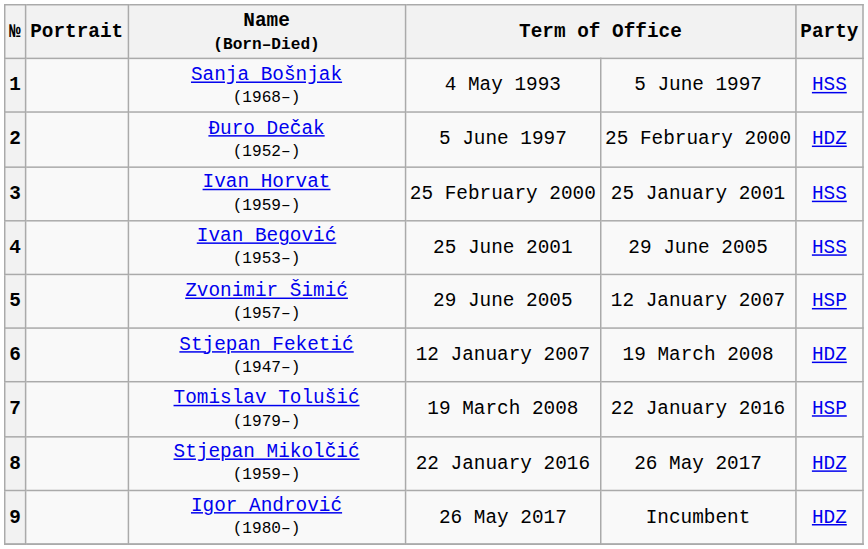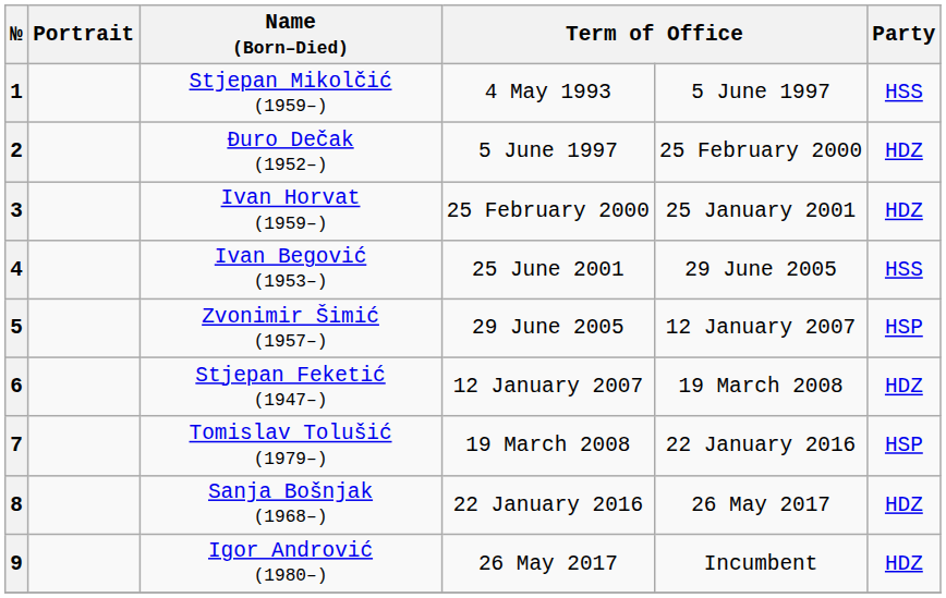 <table class="wikitable" style="text-align:center">
 <tr ->
 <th>№</th>
 <th>Portrait</th>
 <th width=180>Name<br><small>(Born–Died)</small></th>
 <th colspan=2>Term of Office</th>
 <th>Party</th>
 </tr>
 <tr ->
 <th style="background:">1</th>
 <td></td>
-<td><a href='#'>Sanja Bošnjak</a><br><small>(1968–)</small></td>
+<td><a href='#'>Stjepan Mikolčić</a><br><small>(1959–)</small></td>
 <td>4 May 1993</td>
 <td>5 June 1997</td>
 <td><a href='#'>HSS</a></td>
 </tr>
 <tr ->
 <th style="background:">2</th>
 <td></td>
 <td><a href='#'>Đuro Dečak</a><br><small>(1952–)</small></td>
 <td>5 June 1997</td>
 <td>25 February 2000</td>
 <td><a href='#'>HDZ</a></td>
 </tr>
 <tr ->
 <th style="background:">3</th>
 <td></td>
 <td><a href='#'>Ivan Horvat</a><br><small>(1959–)</small></td>
 <td>25 February 2000</td>
 <td>25 January 2001</td>
-<td><a href='#'>HSS</a></td>
+<td><a href='#'>HDZ</a></td>
 </tr>
 <tr ->
 <th style="background:">4</th>
 <td></td>
 <td><a href='#'>Ivan Begović</a><br><small>(1953–)</small></td>
 <td>25 June 2001</td>
 <td>29 June 2005</td>
 <td><a href='#'>HSS</a></td>
 </tr>
 <tr ->
 <th style="background:">5</th>
 <td></td>
 <td><a href='#'>Zvonimir Šimić</a><br><small>(1957–)</small></td>
 <td>29 June 2005</td>
 <td>12 January 2007</td>
 <td><a href='#'>HSP</a></td>
 </tr>
 <tr ->
 <th style="background:">6</th>
 <td></td>
 <td><a href='#'>Stjepan Feketić</a><br><small>(1947–)</small></td>
 <td>12 January 2007</td>
 <td>19 March 2008</td>
 <td><a href='#'>HDZ</a></td>
 </tr>
 <tr ->
 <th style="background:">7</th>
 <td></td>
 <td><a href='#'>Tomislav Tolušić</a><br><small>(1979–)</small></td>
 <td>19 March 2008</td>
 <td>22 January 2016</td>
 <td><a href='#'>HSP</a></td>
 </tr>
 <tr ->
 <th style="background:">8</th>
 <td></td>
-<td><a href='#'>Stjepan Mikolčić</a><br><small>(1959–)</small></td>
+<td><a href='#'>Sanja Bošnjak</a><br><small>(1968–)</small></td>
 <td>22 January 2016</td>
 <td>26 May 2017</td>
 <td><a href='#'>HDZ</a></td>
 </tr>
 <tr ->
 <th style="background:">9</th>
 <td></td>
 <td><a href='#'>Igor Andrović</a><br><small>(1980–)</small></td>
 <td>26 May 2017</td>
 <td>Incumbent</td>
 <td><a href='#'>HDZ</a></td>
 </tr>
 <tr ->
 </tr>
 </table>
